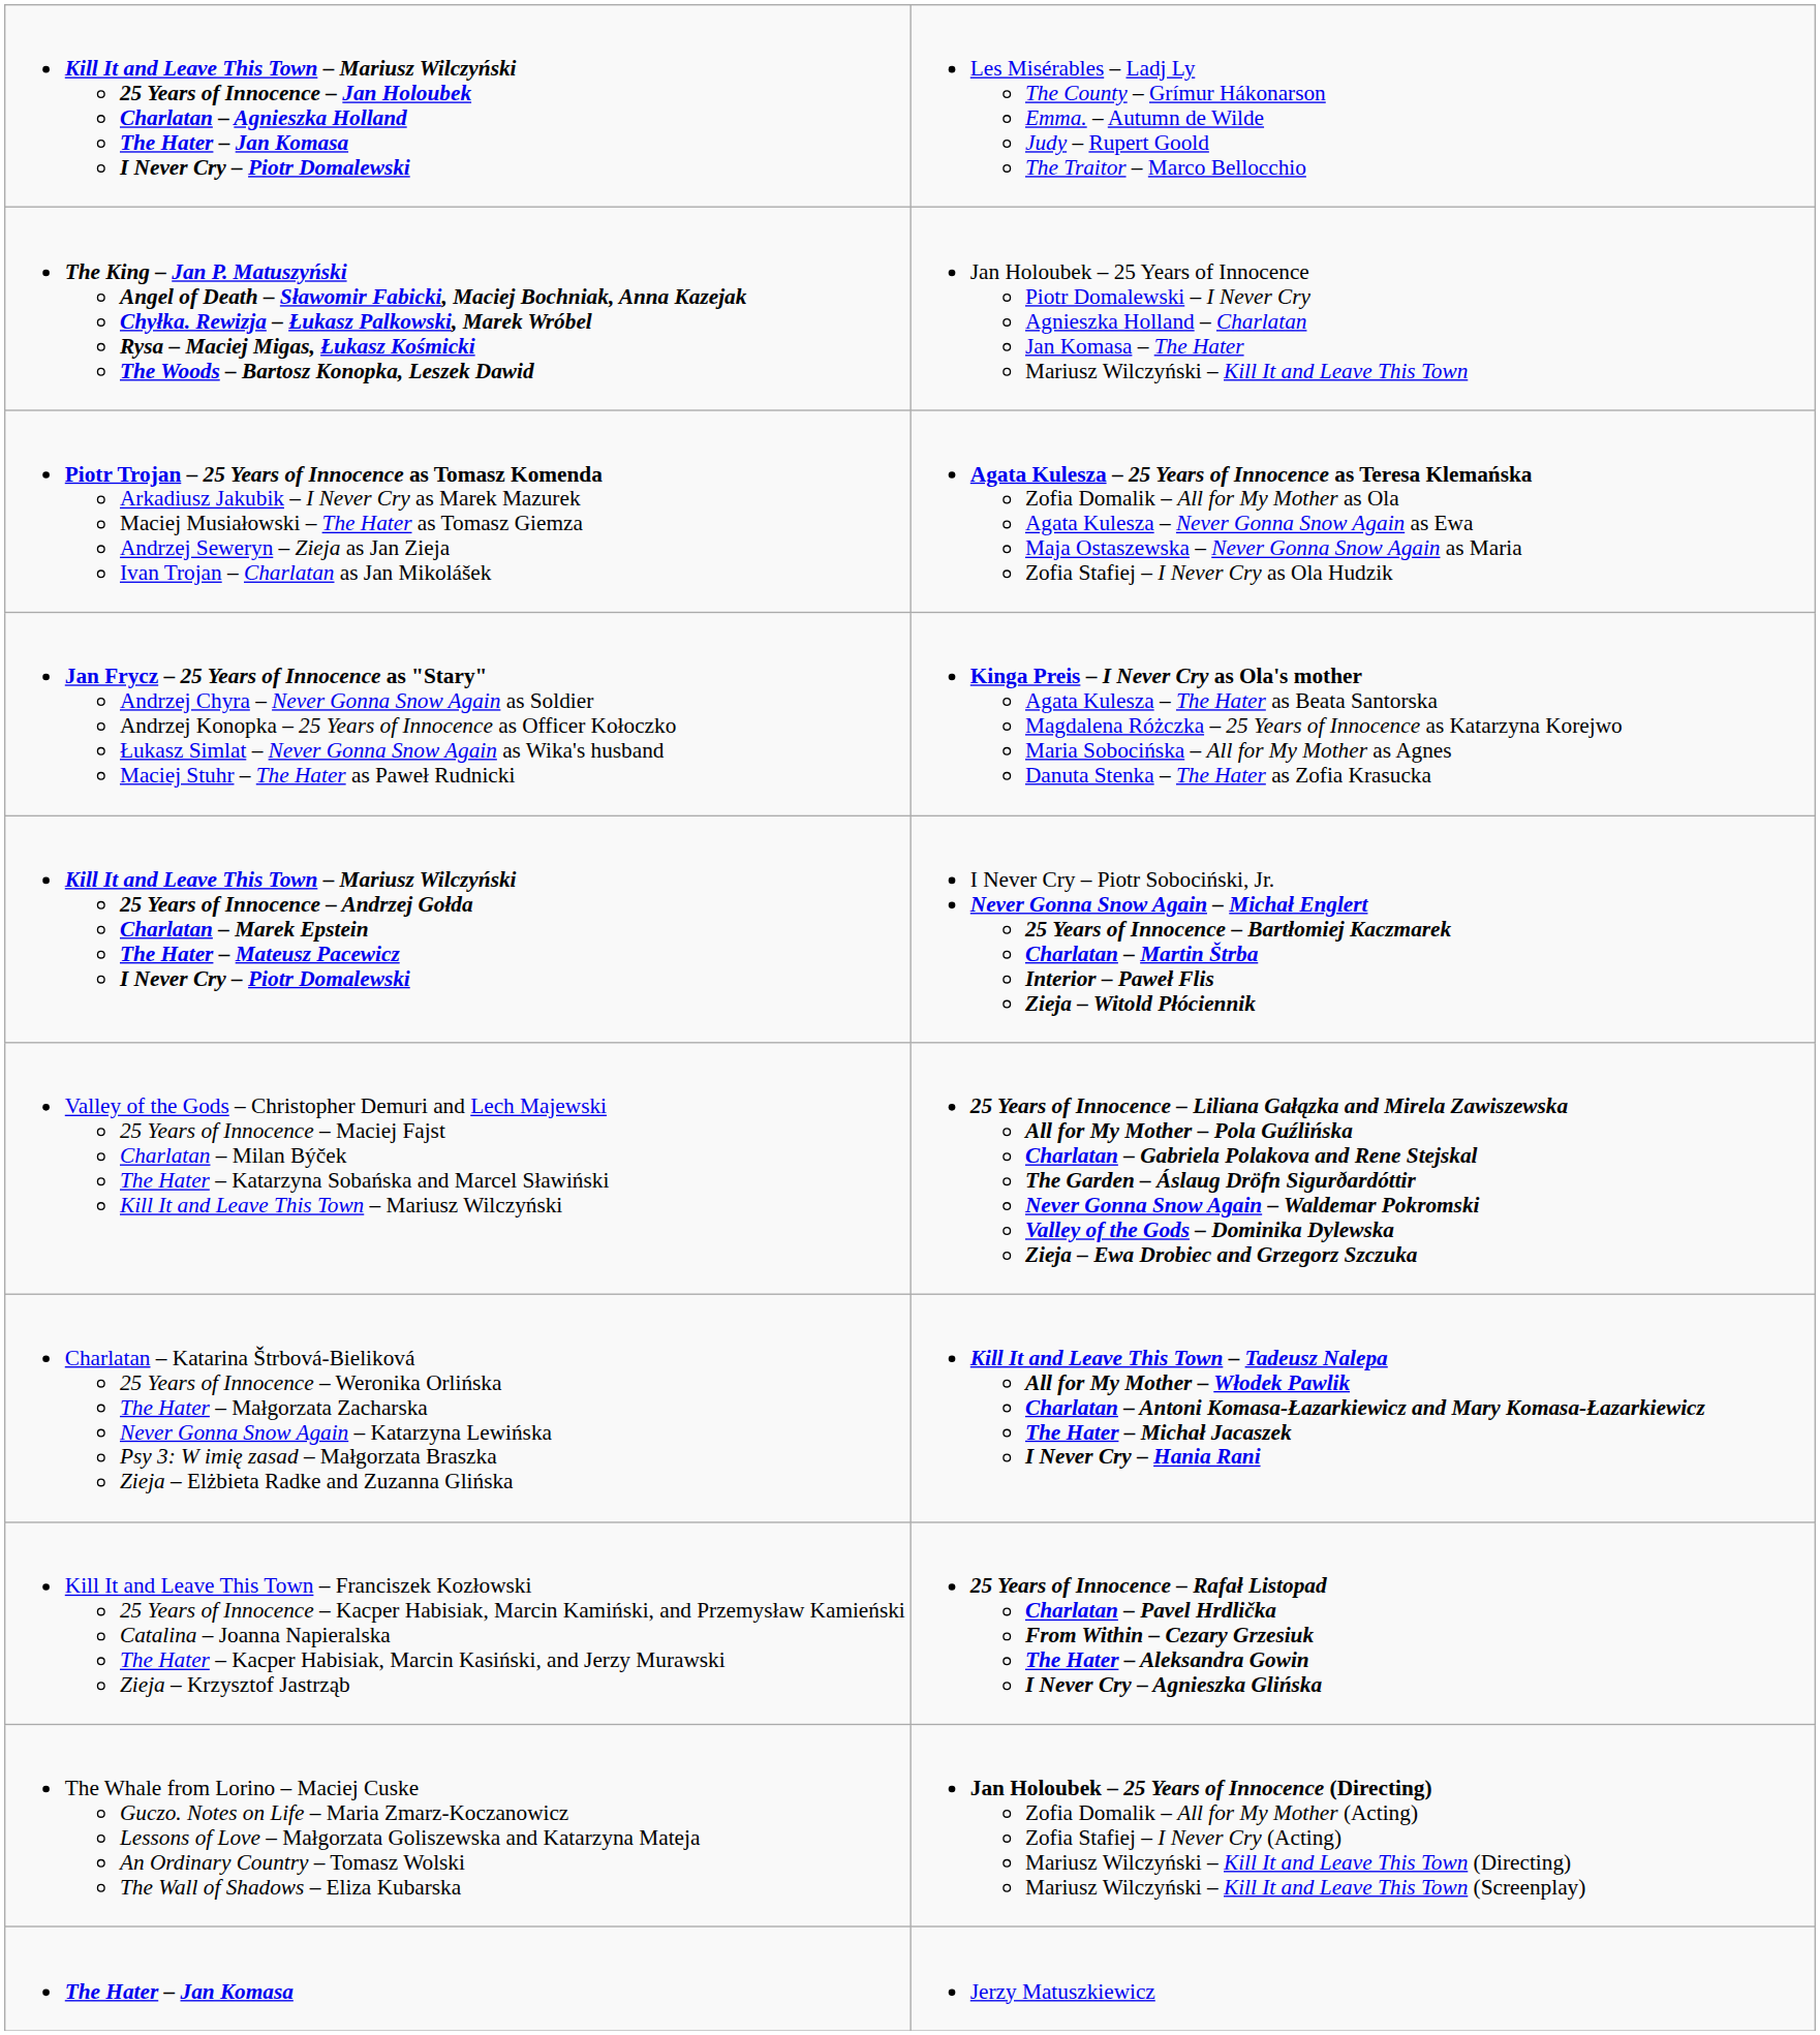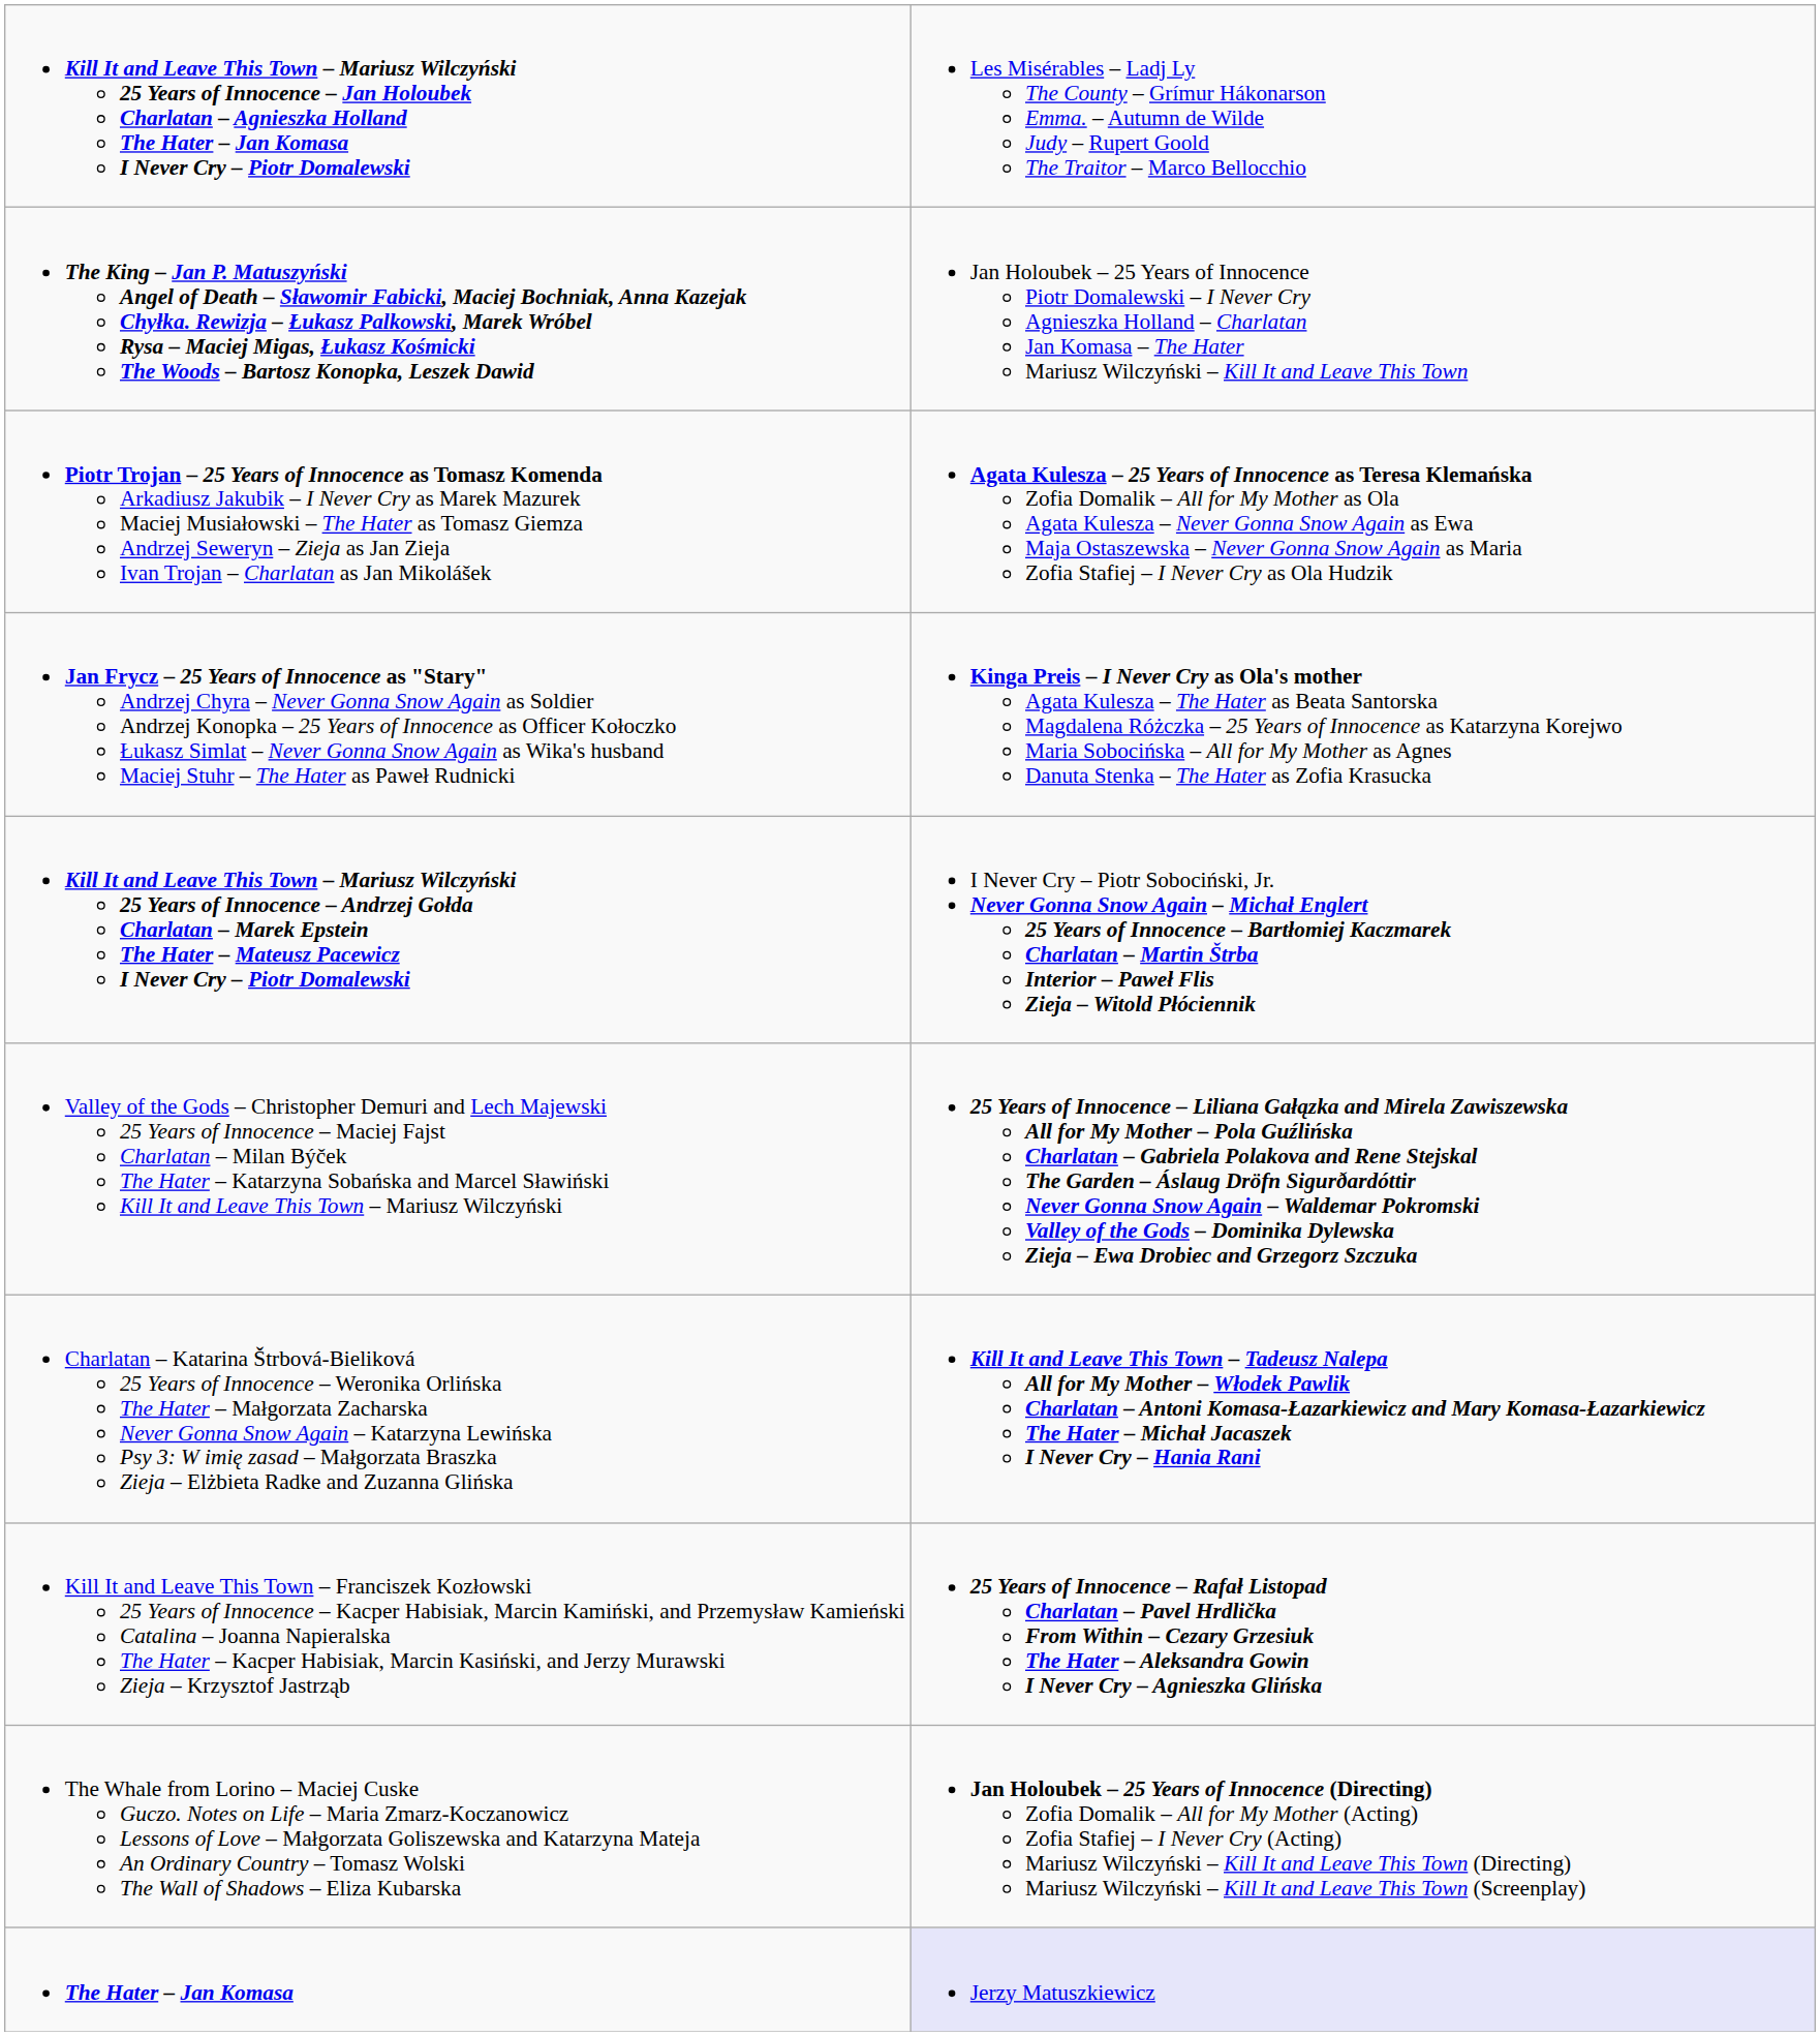 <table class=wikitable style="width="100%">
 <tr>
 <td valign="top" width="50%"><br><ul><li><strong><em><a href='#'>Kill It and Leave This Town</a><em> – Mariusz Wilczyński<strong><ul><li></em>25 Years of Innocence<em> – <a href='#'>Jan Holoubek</a></li><li></em><a href='#'>Charlatan</a><em> – <a href='#'>Agnieszka Holland</a></li><li></em><a href='#'>The Hater</a><em> – <a href='#'>Jan Komasa</a></li><li></em>I Never Cry<em> – <a href='#'>Piotr Domalewski</a></li></ul></li></ul></td>
 <td valign="top" width="50%"><br><ul><li></em></strong> <a href='#'>Les Misérables</a></em> – <a href='#'>Ladj Ly</a></strong><ul><li><em>    <a href='#'>The County</a></em> – <a href='#'>Grímur Hákonarson</a></li><li><em> <a href='#'>Emma.</a></em> – <a href='#'>Autumn de Wilde</a></li><li><em> <a href='#'>Judy</a></em> – <a href='#'>Rupert Goold</a></li><li><em>    <a href='#'>The Traitor</a></em> – <a href='#'>Marco Bellocchio</a></li></ul></li></ul></td>
 </tr>
 <tr>
 <td valign="top" width="50%"><br><ul><li><strong><em>The King<em> – <a href='#'>Jan P. Matuszyński</a><strong><ul><li></em>Angel of Death<em> – <a href='#'>Sławomir Fabicki</a>, Maciej Bochniak, Anna Kazejak</li><li></em><a href='#'>Chyłka. Rewizja</a><em> – <a href='#'>Łukasz Palkowski</a>, Marek Wróbel</li><li></em>Rysa<em> – Maciej Migas, <a href='#'>Łukasz Kośmicki</a></li><li></em><a href='#'>The Woods</a><em> – Bartosz Konopka, Leszek Dawid</li></ul></li></ul></td>
 <td valign="top" width="50%"><br><ul><li></strong>Jan Holoubek – </em>25 Years of Innocence</em></strong><ul><li><a href='#'>Piotr Domalewski</a> – <em>I Never Cry</em></li><li><a href='#'>Agnieszka Holland</a> – <em><a href='#'>Charlatan</a></em></li><li><a href='#'>Jan Komasa</a> – <em><a href='#'>The Hater</a></em></li><li>Mariusz Wilczyński – <em><a href='#'>Kill It and Leave This Town</a></em></li></ul></li></ul></td>
 </tr>
 <tr>
 <td valign="top" width="50%"><br><ul><li><strong><a href='#'>Piotr Trojan</a> – <em>25 Years of Innocence</em> as Tomasz Komenda</strong><ul><li><a href='#'>Arkadiusz Jakubik</a> – <em>I Never Cry</em> as Marek Mazurek</li><li>Maciej Musiałowski – <em><a href='#'>The Hater</a></em> as Tomasz Giemza</li><li><a href='#'>Andrzej Seweryn</a> – <em>Zieja</em> as Jan Zieja</li><li><a href='#'>Ivan Trojan</a> – <em><a href='#'>Charlatan</a></em> as Jan Mikolášek</li></ul></li></ul></td>
 <td valign="top" width="50%"><br><ul><li><strong><a href='#'>Agata Kulesza</a> – <em>25 Years of Innocence</em> as Teresa Klemańska</strong><ul><li>Zofia Domalik – <em>All for My Mother</em> as Ola</li><li><a href='#'>Agata Kulesza</a> – <em><a href='#'>Never Gonna Snow Again</a></em> as Ewa</li><li><a href='#'>Maja Ostaszewska</a> – <em><a href='#'>Never Gonna Snow Again</a></em> as Maria</li><li>Zofia Stafiej – <em>I Never Cry</em> as Ola Hudzik</li></ul></li></ul></td>
 </tr>
 <tr>
 <td valign="top" width="50%"><br><ul><li><strong><a href='#'>Jan Frycz</a> – <em>25 Years of Innocence</em> as "Stary"</strong><ul><li><a href='#'>Andrzej Chyra</a> – <em><a href='#'>Never Gonna Snow Again</a></em> as Soldier</li><li>Andrzej Konopka – <em>25 Years of Innocence</em> as Officer Kołoczko</li><li><a href='#'>Łukasz Simlat</a> – <em><a href='#'>Never Gonna Snow Again</a></em> as Wika's husband</li><li><a href='#'>Maciej Stuhr</a> – <em><a href='#'>The Hater</a></em> as Paweł Rudnicki</li></ul></li></ul></td>
 <td valign="top" width="50%"><br><ul><li><strong><a href='#'>Kinga Preis</a> – <em>I Never Cry</em> as Ola's mother</strong><ul><li><a href='#'>Agata Kulesza</a> – <em><a href='#'>The Hater</a></em> as Beata Santorska</li><li><a href='#'>Magdalena Różczka</a> – <em>25 Years of Innocence</em> as Katarzyna Korejwo</li><li><a href='#'>Maria Sobocińska</a> – <em>All for My Mother</em> as Agnes</li><li><a href='#'>Danuta Stenka</a> – <em><a href='#'>The Hater</a></em> as Zofia Krasucka</li></ul></li></ul></td>
 </tr>
 <tr>
 <td valign="top" width="50%"><br><ul><li><strong><em><a href='#'>Kill It and Leave This Town</a><em> – Mariusz Wilczyński<strong><ul><li></em>25 Years of Innocence<em> – Andrzej Gołda</li><li></em><a href='#'>Charlatan</a><em> – Marek Epstein</li><li></em><a href='#'>The Hater</a><em> – <a href='#'>Mateusz Pacewicz</a></li><li></em>I Never Cry<em> – <a href='#'>Piotr Domalewski</a></li></ul></li></ul></td>
 <td valign="top" width="50%"><br><ul><li></em></strong>I Never Cry</em> – Piotr Sobociński, Jr.</strong></li><li><strong><em><a href='#'>Never Gonna Snow Again</a><em> – <a href='#'>Michał Englert</a><strong><ul><li></em>25 Years of Innocence<em> – Bartłomiej Kaczmarek</li><li></em><a href='#'>Charlatan</a><em> – <a href='#'>Martin Štrba</a></li><li></em>Interior<em> – Paweł Flis</li><li></em>Zieja<em> – Witold Płóciennik</li></ul></li></ul></td>
 </tr>
 <tr>
 <td valign="top" width="50%"><br><ul><li></em></strong><a href='#'>Valley of the Gods</a></em> – Christopher Demuri and <a href='#'>Lech Majewski</a></strong><ul><li><em>25 Years of Innocence</em> – Maciej Fajst</li><li><em><a href='#'>Charlatan</a></em> – Milan Býček</li><li><em><a href='#'>The Hater</a></em> – Katarzyna Sobańska and Marcel Sławiński</li><li><em><a href='#'>Kill It and Leave This Town</a></em> – Mariusz Wilczyński</li></ul></li></ul></td>
 <td valign="top" width="50%"><br><ul><li><strong><em>25 Years of Innocence<em> – Liliana Gałązka and Mirela Zawiszewska<strong><ul><li></em>All for My Mother<em> – Pola Guźlińska</li><li></em><a href='#'>Charlatan</a><em> – Gabriela Polakova and Rene Stejskal</li><li></em>The Garden<em> – Áslaug Dröfn Sigurðardóttir</li><li></em><a href='#'>Never Gonna Snow Again</a><em> – Waldemar Pokromski</li><li></em><a href='#'>Valley of the Gods</a><em> – Dominika Dylewska</li><li></em>Zieja<em> – Ewa Drobiec and Grzegorz Szczuka</li></ul></li></ul></td>
 </tr>
 <tr>
 <td valign="top" width="50%"><br><ul><li></em></strong><a href='#'>Charlatan</a></em> – Katarina Štrbová-Bieliková</strong><ul><li><em>25 Years of Innocence</em> – Weronika Orlińska</li><li><em><a href='#'>The Hater</a></em> – Małgorzata Zacharska</li><li><em><a href='#'>Never Gonna Snow Again</a></em> – Katarzyna Lewińska</li><li><em>Psy 3: W imię zasad</em> – Małgorzata Braszka</li><li><em>Zieja</em> – Elżbieta Radke and Zuzanna Glińska</li></ul></li></ul></td>
 <td valign="top" width="50%"><br><ul><li><strong><em><a href='#'>Kill It and Leave This Town</a><em> – <a href='#'>Tadeusz Nalepa</a><strong><ul><li></em>All for My Mother<em> – <a href='#'>Włodek Pawlik</a></li><li></em><a href='#'>Charlatan</a><em> – Antoni Komasa-Łazarkiewicz and Mary Komasa-Łazarkiewicz</li><li></em><a href='#'>The Hater</a><em> – Michał Jacaszek</li><li></em>I Never Cry<em> – <a href='#'>Hania Rani</a></li></ul></li></ul></td>
 </tr>
 <tr>
 <td valign="top" width="50%"><br><ul><li></em></strong><a href='#'>Kill It and Leave This Town</a></em> – Franciszek Kozłowski</strong><ul><li><em>25 Years of Innocence</em> – Kacper Habisiak, Marcin Kamiński, and Przemysław Kamieński</li><li><em>Catalina</em> – Joanna Napieralska</li><li><em><a href='#'>The Hater</a></em> – Kacper Habisiak, Marcin Kasiński, and Jerzy Murawski</li><li><em>Zieja</em> – Krzysztof Jastrząb</li></ul></li></ul></td>
 <td valign="top" width="50%"><br><ul><li><strong><em>25 Years of Innocence<em> – Rafał Listopad<strong><ul><li></em><a href='#'>Charlatan</a><em> – Pavel Hrdlička</li><li></em>From Within<em> – Cezary Grzesiuk</li><li></em><a href='#'>The Hater</a><em> – Aleksandra Gowin</li><li></em>I Never Cry<em> – Agnieszka Glińska</li></ul></li></ul></td>
 </tr>
 <tr>
 <td valign="top" width="50%"><br><ul><li></em></strong>The Whale from Lorino</em> – Maciej Cuske</strong><ul><li><em>Guczo. Notes on Life</em> – Maria Zmarz-Koczanowicz</li><li><em>Lessons of Love</em> – Małgorzata Goliszewska and Katarzyna Mateja</li><li><em>An Ordinary Country</em> – Tomasz Wolski</li><li><em>The Wall of Shadows</em> – Eliza Kubarska</li></ul></li></ul></td>
 <td valign="top" width="50%"><br><ul><li><strong>Jan Holoubek – <em>25 Years of Innocence</em> (Directing)</strong><ul><li>Zofia Domalik – <em>All for My Mother</em> (Acting)</li><li>Zofia Stafiej – <em>I Never Cry</em> (Acting)</li><li>Mariusz Wilczyński – <em><a href='#'>Kill It and Leave This Town</a></em> (Directing)</li><li>Mariusz Wilczyński – <em><a href='#'>Kill It and Leave This Town</a></em> (Screenplay)</li></ul></li></ul></td>
 </tr>
 <tr>
 <td valign="top" width="50%"><br><ul><li><strong><em><a href='#'>The Hater</a><em> – <a href='#'>Jan Komasa</a><strong></li></ul></td>
-<td valign="top" width="50%"><br><ul><li></strong><a href='#'>Jerzy Matuszkiewicz</a><strong></li></ul></td>
+<td valign="top" width="50%" style="background: lavender;"><br><ul><li></strong><a href='#'>Jerzy Matuszkiewicz</a><strong></li></ul></td>
 </tr>
 </table>
